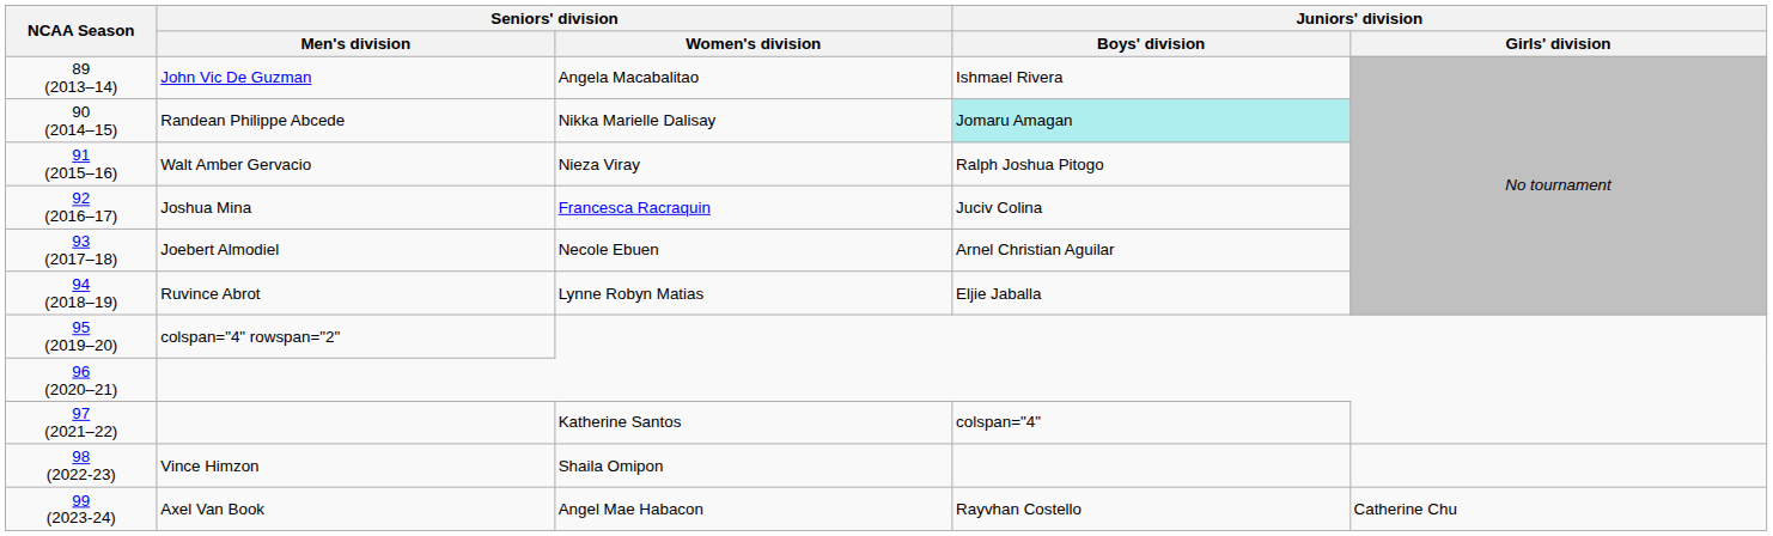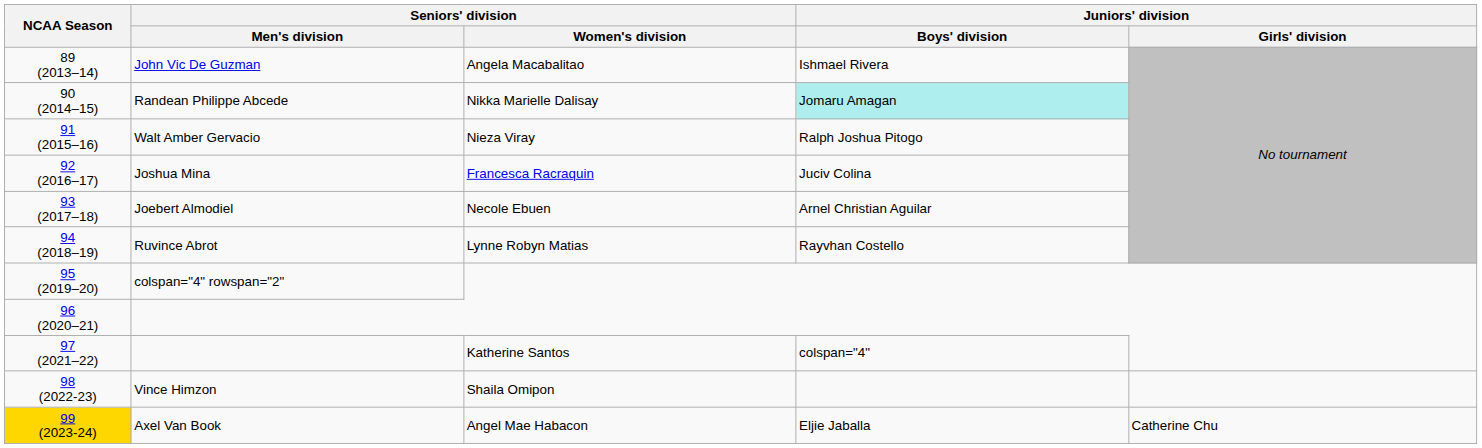 <table class="wikitable" width="100%" style="font-size:90%;">
 <tr>
 <th rowspan=2 width=8%>NCAA Season</th>
 <th colspan=2>Seniors' division</th>
 <th colspan=2>Juniors' division</th>
 </tr>
 <tr>
 <th width=21%>Men's division</th>
 <th width=21%>Women's division</th>
 <th width=21%>Boys' division</th>
 <th width=22%>Girls' division</th>
 </tr>
 <tr>
 <td align="center">89<br>(2013–14)</td>
 <td> <a href='#'>John Vic De Guzman</a></td>
 <td> Angela Macabalitao</td>
 <td> Ishmael Rivera</td>
 <td rowspan=6 bgcolor=silver align=center><em>No tournament</em></td>
 </tr>
 <tr>
 <td align="center">90<br>(2014–15)</td>
 <td> Randean Philippe Abcede</td>
 <td> Nikka Marielle Dalisay</td>
 <td style="background: paleturquoise;"> Jomaru Amagan</td>
 </tr>
 <tr>
 <td align="center"><a href='#'>91</a><br>(2015–16)</td>
 <td> Walt Amber Gervacio</td>
 <td> Nieza Viray</td>
 <td> Ralph Joshua Pitogo</td>
 </tr>
 <tr>
 <td align="center"><a href='#'>92</a><br>(2016–17)</td>
 <td> Joshua Mina</td>
 <td> <a href='#'>Francesca Racraquin</a></td>
 <td> Juciv Colina</td>
 </tr>
 <tr>
 <td align="center"><a href='#'>93</a><br>(2017–18)</td>
 <td> Joebert Almodiel</td>
 <td> Necole Ebuen</td>
 <td> Arnel Christian Aguilar</td>
 </tr>
 <tr>
 <td align="center"><a href='#'>94</a><br>(2018–19)</td>
 <td> Ruvince Abrot</td>
 <td> Lynne Robyn Matias</td>
-<td> Eljie Jaballa</td>
+<td> Rayvhan Costello</td>
 </tr>
 <tr>
 <td align="center"><a href='#'>95</a><br>(2019–20)</td>
 <td>colspan="4" rowspan="2" </td>
 </tr>
 <tr>
 <td align="center"><a href='#'>96</a><br>(2020–21)</td>
 </tr>
 <tr>
 <td align="center"><a href='#'>97</a><br>(2021–22)</td>
 <td></td>
 <td> Katherine Santos</td>
 <td>colspan="4" </td>
 </tr>
 <tr>
 <td align="center"><a href='#'>98</a><br>(2022-23)</td>
 <td> Vince Himzon</td>
 <td> Shaila Omipon</td>
 <td></td>
 <td></td>
 </tr>
 <tr>
-<td align="center"><a href='#'>99</a><br>(2023-24)</td>
+<td align="center" style="background: gold;"><a href='#'>99</a><br>(2023-24)</td>
 <td> Axel Van Book</td>
 <td> Angel Mae Habacon</td>
-<td> Rayvhan Costello</td>
+<td> Eljie Jaballa</td>
 <td> Catherine Chu</td>
 </tr>
 </table>
